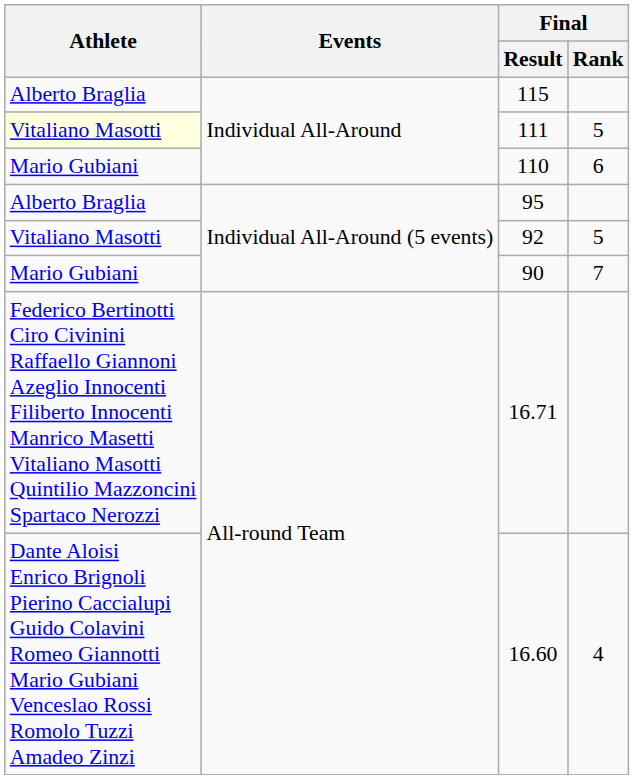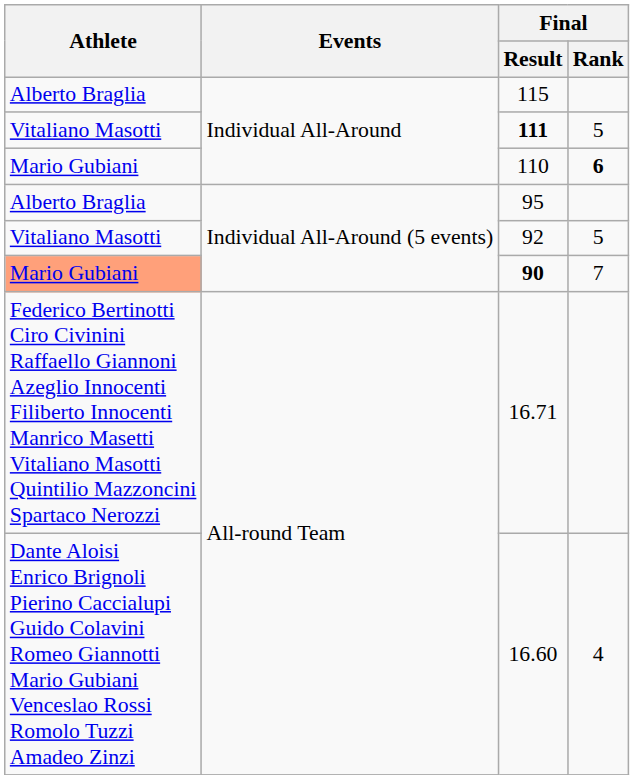 <table class=wikitable style="font-size:90%">
 <tr>
 <th rowspan="2">Athlete</th>
 <th rowspan="2">Events</th>
 <th colspan="2">Final</th>
 </tr>
 <tr>
 <th>Result</th>
 <th>Rank</th>
 </tr>
 <tr>
 <td><a href='#'>Alberto Braglia</a></td>
 <td rowspan=3>Individual All-Around</td>
 <td align="center">115</td>
 <td align="center"></td>
 </tr>
 <tr>
-<td style="background: lightyellow;"><a href='#'>Vitaliano Masotti</a></td>
-<td align="center">111</td>
+<td><a href='#'>Vitaliano Masotti</a></td>
+<td align="center"><strong>111</strong></td>
 <td align="center">5</td>
 </tr>
 <tr>
 <td><a href='#'>Mario Gubiani</a></td>
 <td align="center">110</td>
-<td align="center">6</td>
+<td align="center"><strong>6</strong></td>
 </tr>
 <tr>
 <td><a href='#'>Alberto Braglia</a></td>
 <td rowspan=3>Individual All-Around (5 events)</td>
 <td align="center">95</td>
 <td align="center"></td>
 </tr>
 <tr>
 <td><a href='#'>Vitaliano Masotti</a></td>
 <td align="center">92</td>
 <td align="center">5</td>
 </tr>
 <tr>
-<td><a href='#'>Mario Gubiani</a></td>
-<td align="center">90</td>
+<td style="background: lightsalmon;"><a href='#'>Mario Gubiani</a></td>
+<td align="center"><strong>90</strong></td>
 <td align="center">7</td>
 </tr>
 <tr>
 <td><a href='#'>Federico Bertinotti</a><br><a href='#'>Ciro Civinini</a><br><a href='#'>Raffaello Giannoni</a><br><a href='#'>Azeglio Innocenti</a><br><a href='#'>Filiberto Innocenti</a><br><a href='#'>Manrico Masetti</a><br><a href='#'>Vitaliano Masotti</a><br><a href='#'>Quintilio Mazzoncini</a><br><a href='#'>Spartaco Nerozzi</a></td>
 <td rowspan=2>All-round Team</td>
 <td align="center">16.71</td>
 <td align="center"></td>
 </tr>
 <tr>
 <td><a href='#'>Dante Aloisi</a><br><a href='#'>Enrico Brignoli</a><br><a href='#'>Pierino Caccialupi</a><br><a href='#'>Guido Colavini</a><br><a href='#'>Romeo Giannotti</a><br><a href='#'>Mario Gubiani</a><br><a href='#'>Venceslao Rossi</a><br><a href='#'>Romolo Tuzzi</a><br><a href='#'>Amadeo Zinzi</a></td>
 <td align="center">16.60</td>
 <td align="center">4</td>
 </tr>
 </table>
